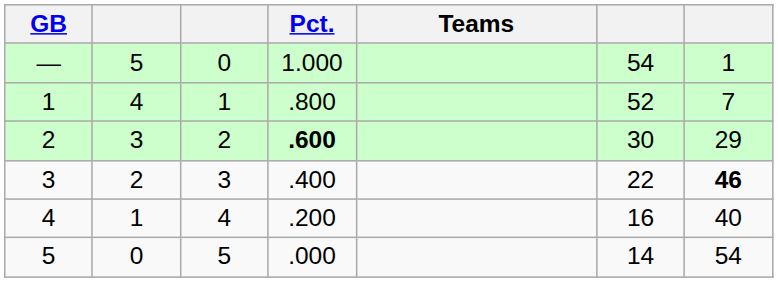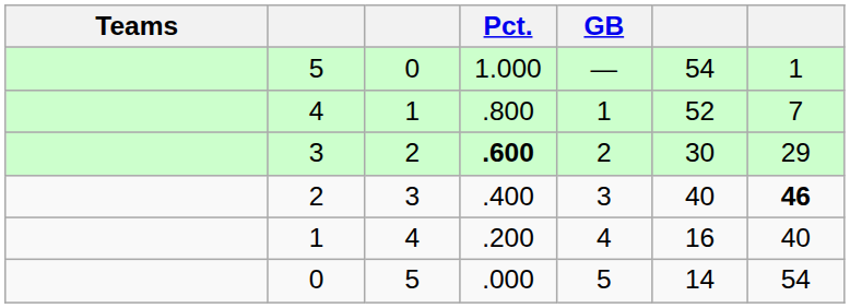 <table class="wikitable" style="text-align:center;">
 <tr>
-<th width=50px><a href='#'>GB</a></th>
+<th width=150px>Teams</th>
 <th width=50px></th>
 <th width=50px></th>
 <th width=50px><a href='#'>Pct.</a></th>
-<th width=150px>Teams</th>
+<th width=50px><a href='#'>GB</a></th>
 <th width=50px></th>
 <th width=50px></th>
 </tr>
 <tr style="background-color:#ccffcc">
-<td>—</td>
+<td align=left></td>
 <td>5</td>
 <td>0</td>
 <td>1.000</td>
-<td align=left></td>
+<td>—</td>
 <td>54</td>
 <td>1</td>
 </tr>
 <tr style="background-color:#ccffcc">
-<td>1</td>
+<td align=left></td>
 <td>4</td>
 <td>1</td>
 <td>.800</td>
-<td align=left></td>
+<td>1</td>
 <td>52</td>
 <td>7</td>
 </tr>
 <tr style="background-color:#ccffcc">
-<td>2</td>
+<td align=left></td>
 <td>3</td>
 <td>2</td>
 <td><strong>.600</strong></td>
-<td align=left></td>
+<td>2</td>
 <td>30</td>
 <td>29</td>
 </tr>
 <tr style="background-color:">
-<td>3</td>
+<td align=left></td>
 <td>2</td>
 <td>3</td>
 <td>.400</td>
-<td align=left></td>
-<td>22</td>
+<td>3</td>
+<td>40</td>
 <td><strong>46</strong></td>
 </tr>
 <tr style="background-color:">
-<td>4</td>
+<td align=left></td>
 <td>1</td>
 <td>4</td>
 <td>.200</td>
-<td align=left></td>
+<td>4</td>
 <td>16</td>
 <td>40</td>
 </tr>
 <tr style="background-color:">
-<td>5</td>
+<td align=left></td>
 <td>0</td>
 <td>5</td>
 <td>.000</td>
-<td align=left></td>
+<td>5</td>
 <td>14</td>
 <td>54</td>
 </tr>
 </table>
